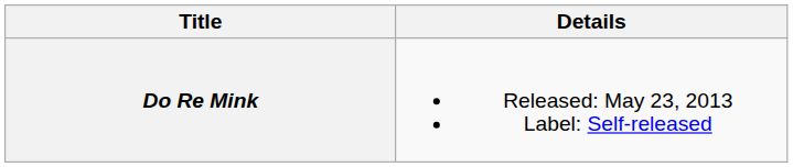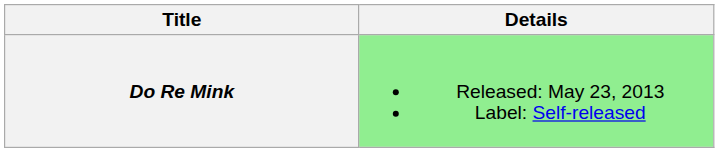 <table class="wikitable plainrowheaders" style="text-align:center;">
 <tr>
 <th scope="col" style="width:18em;">Title</th>
 <th scope="col" style="width:18em;">Details</th>
 </tr>
 <tr>
 <th scope="row"><em>Do Re Mink</em></th>
-<td><br><ul><li>Released: May 23, 2013</li><li>Label: <a href='#'>Self-released</a></li></ul></td>
+<td style="background: lightgreen;"><br><ul><li>Released: May 23, 2013</li><li>Label: <a href='#'>Self-released</a></li></ul></td>
 </tr>
 </table>
